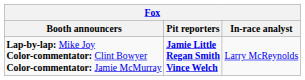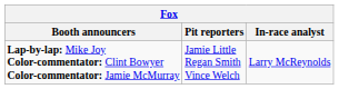 <table class="wikitable" style="font-size: 95%">
 <tr>
 <th colspan="3"><a href='#'>Fox</a></th>
 </tr>
 <tr>
 <th>Booth announcers</th>
 <th>Pit reporters</th>
 <th>In-race analyst</th>
 </tr>
 <tr>
 <td><strong>Lap-by-lap:</strong> <a href='#'>Mike Joy</a><br><strong>Color-commentator:</strong> <a href='#'>Clint Bowyer</a><br><strong>Color-commentator:</strong> <a href='#'>Jamie McMurray</a></td>
-<td><strong><a href='#'>Jamie Little</a><br><a href='#'>Regan Smith</a><br><a href='#'>Vince Welch</a></strong></td>
+<td><a href='#'>Jamie Little</a><br><a href='#'>Regan Smith</a><br><a href='#'>Vince Welch</a></td>
 <td><a href='#'>Larry McReynolds</a></td>
 </tr>
 </table>
